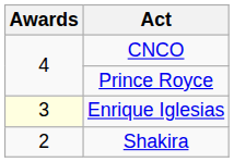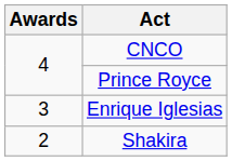 <table class="wikitable" rowspan="2" style="text-align:center;">
 <tr>
 <th scope="col">Awards</th>
 <th scope="col">Act</th>
 </tr>
 <tr>
 <td rowspan="2">4</td>
 <td><a href='#'>CNCO</a></td>
 </tr>
 <tr>
 <td><a href='#'>Prince Royce</a></td>
 </tr>
 <tr>
-<td style="background: lightyellow;">3</td>
+<td>3</td>
 <td><a href='#'>Enrique Iglesias</a></td>
 </tr>
 <tr>
 <td>2</td>
 <td><a href='#'>Shakira</a></td>
 </tr>
 </table>
